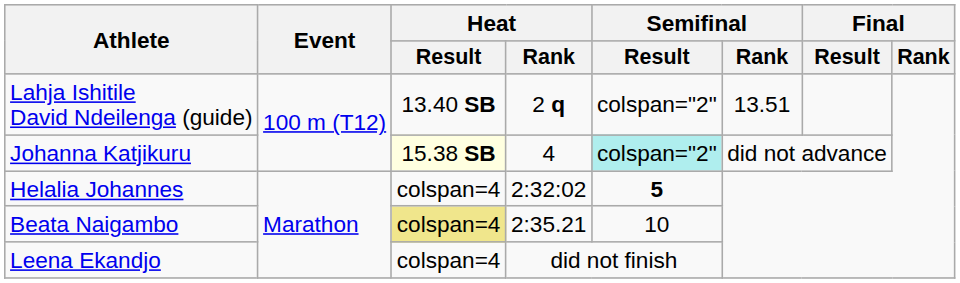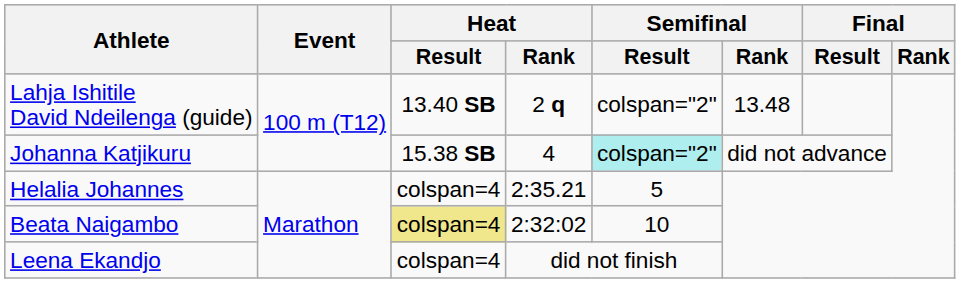 <table class="wikitable" style="font-size:90%">
 <tr>
 <th rowspan=2>Athlete</th>
 <th rowspan=2>Event</th>
 <th colspan=2>Heat</th>
 <th colspan=2>Semifinal</th>
 <th colspan=2>Final</th>
 </tr>
 <tr style="font-size:95%">
 <th>Result</th>
 <th>Rank</th>
 <th>Result</th>
 <th>Rank</th>
 <th>Result</th>
 <th>Rank</th>
 </tr>
 <tr align=center>
 <td align=left><a href='#'>Lahja Ishitile</a><br><a href='#'>David Ndeilenga</a> (guide)</td>
 <td align=left rowspan=2><a href='#'>100 m (T12)</a></td>
 <td>13.40 <strong>SB</strong></td>
 <td>2 <strong>q</strong></td>
 <td>colspan="2" </td>
-<td>13.51</td>
+<td>13.48</td>
 <td></td>
 </tr>
 <tr align=center>
 <td align=left><a href='#'>Johanna Katjikuru</a></td>
-<td style="background: lightyellow;">15.38 <strong>SB</strong></td>
+<td>15.38 <strong>SB</strong></td>
 <td>4</td>
 <td style="background: paleturquoise;">colspan="2" </td>
 <td colspan=2>did not advance</td>
 </tr>
 <tr align=center>
 <td align=left><a href='#'>Helalia Johannes</a></td>
 <td align=left rowspan=3><a href='#'>Marathon</a></td>
 <td>colspan=4 </td>
-<td>2:32:02</td>
-<td><strong>5</strong></td>
+<td>2:35.21</td>
+<td>5</td>
 </tr>
 <tr align=center>
 <td align=left><a href='#'>Beata Naigambo</a></td>
 <td style="background: khaki;">colspan=4 </td>
-<td>2:35.21</td>
+<td>2:32:02</td>
 <td>10</td>
 </tr>
 <tr align=center>
 <td align=left><a href='#'>Leena Ekandjo</a></td>
 <td>colspan=4 </td>
 <td colspan=2>did not finish</td>
 </tr>
 </table>
